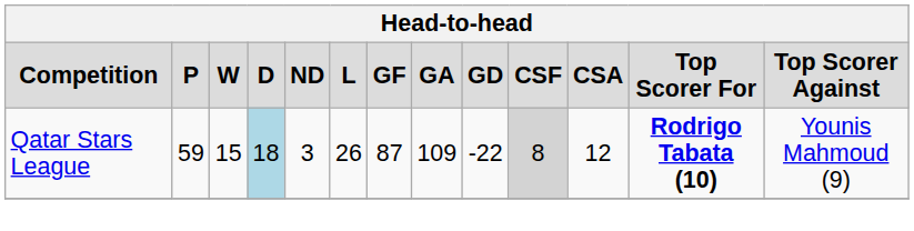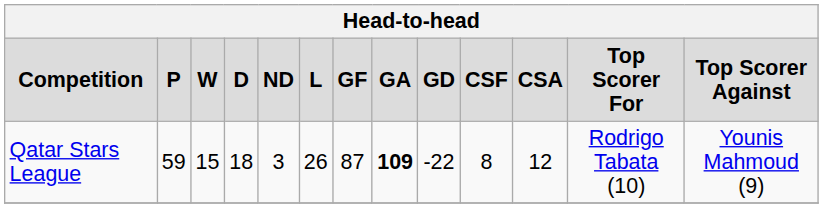 <table class="wikitable sortable" style="text-align:center">
 <tr>
 <th colspan=13>Head-to-head</th>
 </tr>
 <tr>
 <th style="background:#DCDCDC">Competition</th>
 <th style="background:#DCDCDC">P</th>
 <th style="background:#DCDCDC">W</th>
 <th style="background:#DCDCDC">D</th>
 <th style="background:#DCDCDC">ND</th>
 <th style="background:#DCDCDC">L</th>
 <th style="background:#DCDCDC">GF</th>
 <th style="background:#DCDCDC">GA</th>
 <th style="background:#DCDCDC">GD</th>
 <th style="background:#DCDCDC">CSF</th>
 <th style="background:#DCDCDC">CSA</th>
 <th style="background:#DCDCDC">Top Scorer For</th>
 <th style="background:#DCDCDC">Top Scorer Against</th>
 </tr>
 <tr>
 <td align=left><a href='#'>Qatar Stars League</a></td>
 <td>59</td>
 <td>15</td>
-<td style="background: lightblue;">18</td>
+<td>18</td>
 <td>3</td>
 <td>26</td>
 <td>87</td>
-<td>109</td>
+<td><strong>109</strong></td>
 <td>-22</td>
-<td style="background: lightgrey;">8</td>
+<td>8</td>
 <td>12</td>
-<td><strong><a href='#'>Rodrigo Tabata</a> (10)</strong></td>
+<td><a href='#'>Rodrigo Tabata</a> (10)</td>
 <td><a href='#'>Younis Mahmoud</a> (9)</td>
 </tr>
 <tr>
 </tr>
 </table>
